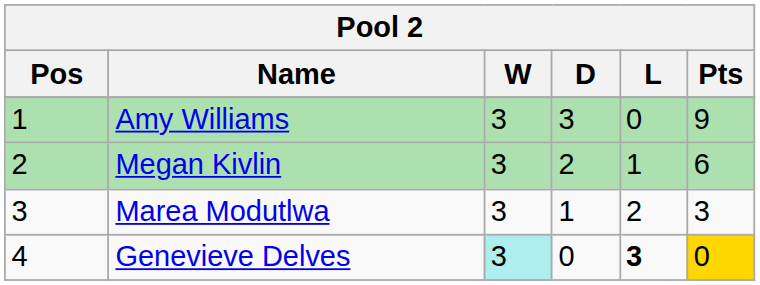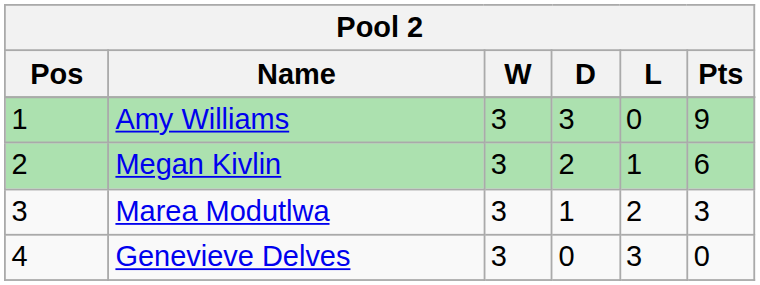 <table class="wikitable">
 <tr>
 <th colspan="6">Pool 2</th>
 </tr>
 <tr>
 <th width=50>Pos</th>
 <th width=200>Name</th>
 <th width=30>W</th>
 <th width=30>D</th>
 <th width=30>L</th>
 <th width=30>Pts</th>
 </tr>
 <tr>
 </tr>
 <tr style="background:#ACE1AF;">
 <td>1</td>
 <td> <a href='#'>Amy Williams</a></td>
 <td>3</td>
 <td>3</td>
 <td>0</td>
 <td>9</td>
 </tr>
 <tr style="background:#ACE1AF;">
 <td>2</td>
 <td> <a href='#'>Megan Kivlin</a></td>
 <td>3</td>
 <td>2</td>
 <td>1</td>
 <td>6</td>
 </tr>
 <tr>
 <td>3</td>
 <td> <a href='#'>Marea Modutlwa</a></td>
 <td>3</td>
 <td>1</td>
 <td>2</td>
 <td>3</td>
 </tr>
 <tr>
 <td>4</td>
 <td> <a href='#'>Genevieve Delves</a></td>
-<td style="background: paleturquoise;">3</td>
+<td>3</td>
 <td>0</td>
-<td><strong>3</strong></td>
-<td style="background: gold;">0</td>
+<td>3</td>
+<td>0</td>
 </tr>
 </table>
